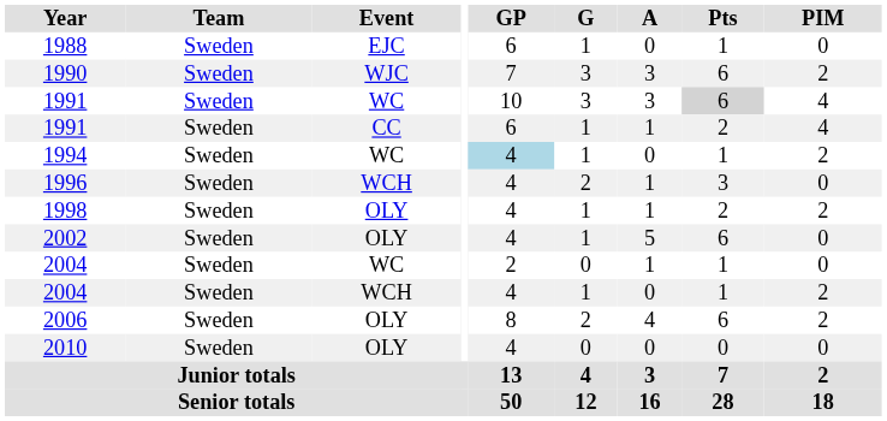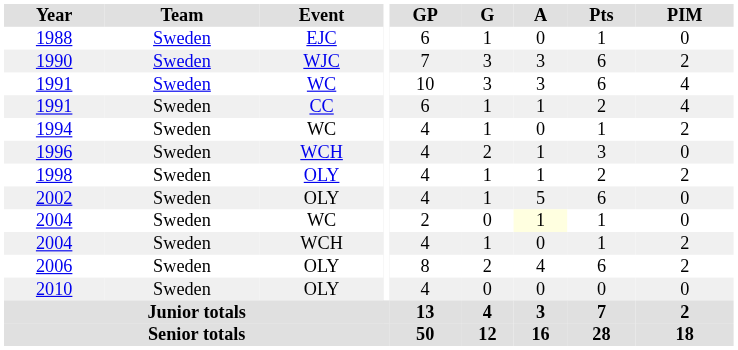 <table border="0" cellpadding="1" cellspacing="0" ID="Table3" style="text-align:center; width:40em">
 <tr bgcolor="#e0e0e0">
 <th>Year</th>
 <th>Team</th>
 <th>Event</th>
 <th rowspan="102" bgcolor="#ffffff"></th>
 <th>GP</th>
 <th>G</th>
 <th>A</th>
 <th>Pts</th>
 <th>PIM</th>
 </tr>
 <tr>
 <td><a href='#'>1988</a></td>
 <td><a href='#'>Sweden</a></td>
 <td><a href='#'>EJC</a></td>
 <td>6</td>
 <td>1</td>
 <td>0</td>
 <td>1</td>
 <td>0</td>
 </tr>
 <tr bgcolor="#f0f0f0">
 <td><a href='#'>1990</a></td>
 <td><a href='#'>Sweden</a></td>
 <td><a href='#'>WJC</a></td>
 <td>7</td>
 <td>3</td>
 <td>3</td>
 <td>6</td>
 <td>2</td>
 </tr>
 <tr>
 <td><a href='#'>1991</a></td>
 <td><a href='#'>Sweden</a></td>
 <td><a href='#'>WC</a></td>
 <td>10</td>
 <td>3</td>
 <td>3</td>
-<td style="background: lightgrey;">6</td>
+<td>6</td>
 <td>4</td>
 </tr>
 <tr bgcolor="#f0f0f0">
 <td><a href='#'>1991</a></td>
 <td>Sweden</td>
 <td><a href='#'>CC</a></td>
 <td>6</td>
 <td>1</td>
 <td>1</td>
 <td>2</td>
 <td>4</td>
 </tr>
 <tr>
 <td><a href='#'>1994</a></td>
 <td>Sweden</td>
 <td>WC</td>
-<td style="background: lightblue;">4</td>
+<td>4</td>
 <td>1</td>
 <td>0</td>
 <td>1</td>
 <td>2</td>
 </tr>
 <tr bgcolor="#f0f0f0">
 <td><a href='#'>1996</a></td>
 <td>Sweden</td>
 <td><a href='#'>WCH</a></td>
 <td>4</td>
 <td>2</td>
 <td>1</td>
 <td>3</td>
 <td>0</td>
 </tr>
 <tr>
 <td><a href='#'>1998</a></td>
 <td>Sweden</td>
 <td><a href='#'>OLY</a></td>
 <td>4</td>
 <td>1</td>
 <td>1</td>
 <td>2</td>
 <td>2</td>
 </tr>
 <tr bgcolor="#f0f0f0">
 <td><a href='#'>2002</a></td>
 <td>Sweden</td>
 <td>OLY</td>
 <td>4</td>
 <td>1</td>
 <td>5</td>
 <td>6</td>
 <td>0</td>
 </tr>
 <tr>
 <td><a href='#'>2004</a></td>
 <td>Sweden</td>
 <td>WC</td>
 <td>2</td>
 <td>0</td>
-<td>1</td>
+<td style="background: lightyellow;">1</td>
 <td>1</td>
 <td>0</td>
 </tr>
 <tr bgcolor="#f0f0f0">
 <td><a href='#'>2004</a></td>
 <td>Sweden</td>
 <td>WCH</td>
 <td>4</td>
 <td>1</td>
 <td>0</td>
 <td>1</td>
 <td>2</td>
 </tr>
 <tr>
 <td><a href='#'>2006</a></td>
 <td>Sweden</td>
 <td>OLY</td>
 <td>8</td>
 <td>2</td>
 <td>4</td>
 <td>6</td>
 <td>2</td>
 </tr>
 <tr bgcolor="#f0f0f0">
 <td><a href='#'>2010</a></td>
 <td>Sweden</td>
 <td>OLY</td>
 <td>4</td>
 <td>0</td>
 <td>0</td>
 <td>0</td>
 <td>0</td>
 </tr>
 <tr bgcolor="#e0e0e0">
 <th colspan="4">Junior totals</th>
 <th>13</th>
 <th>4</th>
 <th>3</th>
 <th>7</th>
 <th>2</th>
 </tr>
 <tr bgcolor="#e0e0e0">
 <th colspan="4">Senior totals</th>
 <th>50</th>
 <th>12</th>
 <th>16</th>
 <th>28</th>
 <th>18</th>
 </tr>
 </table>
